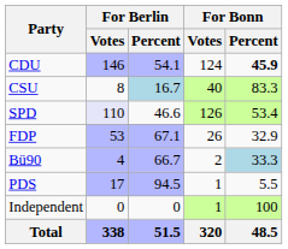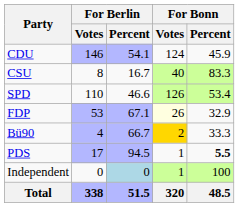 <table class="wikitable sortable" style="text-align:right">
 <tr>
 <th rowspan=2>Party</th>
 <th colspan=2>For Berlin</th>
 <th colspan=2>For Bonn</th>
 </tr>
 <tr>
 <th>Votes</th>
 <th>Percent</th>
 <th>Votes</th>
 <th>Percent</th>
 </tr>
 <tr>
 <td align=left><a href='#'>CDU</a></td>
 <td style="background-color:#B3B7FF">146</td>
 <td style="background-color:#B3B7FF">54.1</td>
 <td>124</td>
-<td><strong>45.9</strong></td>
+<td>45.9</td>
 </tr>
 <tr>
 <td align=left><a href='#'>CSU</a></td>
 <td>8</td>
-<td style="background: lightblue;">16.7</td>
+<td>16.7</td>
 <td style="background-color:#ccff99">40</td>
 <td style="background-color:#ccff99">83.3</td>
 </tr>
 <tr>
 <td align=left><a href='#'>SPD</a></td>
-<td style="background: lavender;">110</td>
+<td>110</td>
 <td>46.6</td>
 <td style="background-color:#ccff99">126</td>
 <td style="background-color:#ccff99">53.4</td>
 </tr>
 <tr>
 <td align=left><a href='#'>FDP</a></td>
 <td style="background-color:#B3B7FF">53</td>
 <td style="background-color:#B3B7FF">67.1</td>
-<td>26</td>
+<td style="background: lightyellow;">26</td>
 <td>32.9</td>
 </tr>
 <tr>
 <td align=left><a href='#'>Bü90</a></td>
 <td style="background-color:#B3B7FF">4</td>
 <td style="background-color:#B3B7FF">66.7</td>
-<td>2</td>
-<td style="background: lightblue;">33.3</td>
+<td style="background: gold;">2</td>
+<td>33.3</td>
 </tr>
 <tr>
 <td align=left><a href='#'>PDS</a></td>
 <td style="background-color:#B3B7FF">17</td>
 <td style="background-color:#B3B7FF">94.5</td>
 <td>1</td>
-<td>5.5</td>
+<td><strong>5.5</strong></td>
 </tr>
 <tr>
 <td align=left>Independent</td>
 <td>0</td>
-<td>0</td>
+<td style="background: lightblue;">0</td>
 <td style="background-color:#ccff99">1</td>
 <td style="background-color:#ccff99">100</td>
 </tr>
 <tr>
 <th>Total</th>
 <th style="text-align:right;background-color:#B3B7FF">338</th>
 <th style="text-align:right;background-color:#B3B7FF">51.5</th>
 <th style="text-align:right">320</th>
 <th style="text-align:right">48.5</th>
 </tr>
 </table>
